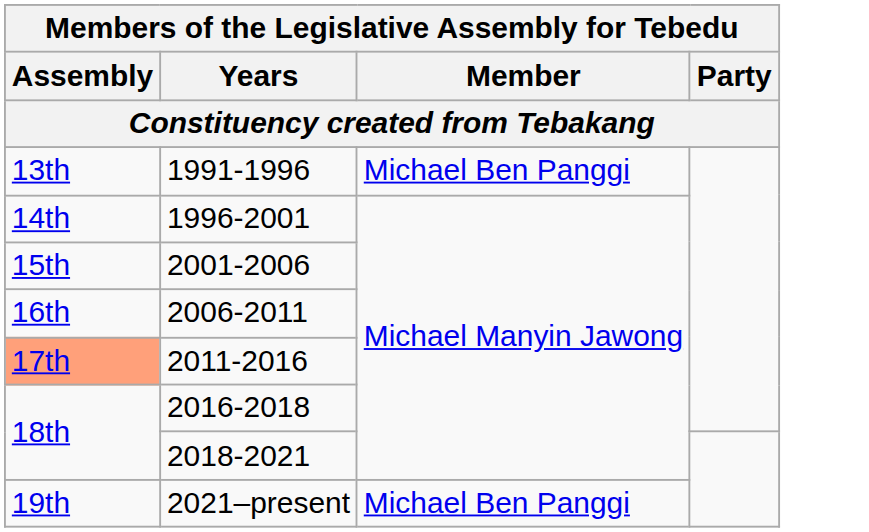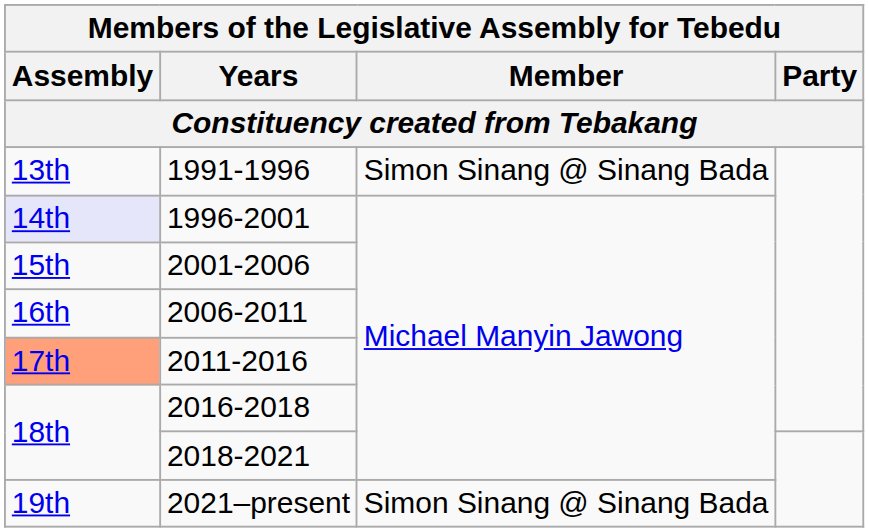 <table class=wikitable>
 <tr>
 <th colspan="4">Members of the Legislative Assembly for Tebedu</th>
 </tr>
 <tr>
 <th>Assembly</th>
 <th>Years</th>
 <th>Member</th>
 <th>Party</th>
 </tr>
 <tr>
 <th colspan=4 align=center><em>Constituency created from Tebakang</em></th>
 </tr>
 <tr>
 <td><a href='#'>13th</a></td>
 <td>1991-1996</td>
-<td><a href='#'>Michael Ben Panggi</a></td>
+<td>Simon Sinang @ Sinang Bada</td>
 <td rowspan=6></td>
 </tr>
 <tr>
-<td><a href='#'>14th</a></td>
+<td style="background: lavender;"><a href='#'>14th</a></td>
 <td>1996-2001</td>
 <td rowspan=6><a href='#'>Michael Manyin Jawong</a></td>
 </tr>
 <tr>
 <td><a href='#'>15th</a></td>
 <td>2001-2006</td>
 </tr>
 <tr>
 <td><a href='#'>16th</a></td>
 <td>2006-2011</td>
 </tr>
 <tr>
 <td style="background: lightsalmon;"><a href='#'>17th</a></td>
 <td>2011-2016</td>
 </tr>
 <tr>
 <td rowspan=2><a href='#'>18th</a></td>
 <td>2016-2018</td>
 </tr>
 <tr>
 <td>2018-2021</td>
 <td rowspan="2"></td>
 </tr>
 <tr>
 <td><a href='#'>19th</a></td>
 <td>2021–present</td>
-<td><a href='#'>Michael Ben Panggi</a></td>
+<td>Simon Sinang @ Sinang Bada</td>
 </tr>
 </table>
